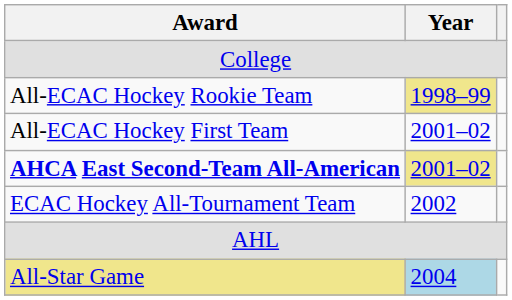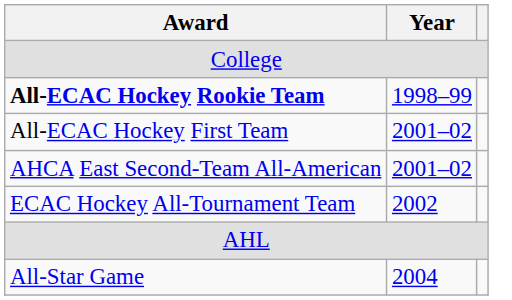 <table class="wikitable">
 <tr>
 <th>Award</th>
 <th>Year</th>
 <th></th>
 </tr>
 <tr ALIGN="center" bgcolor="#e0e0e0">
 <td colspan="3"><a href='#'>College</a></td>
 </tr>
 <tr>
-<td>All-<a href='#'>ECAC Hockey</a> <a href='#'>Rookie Team</a></td>
-<td style="background: khaki;"><a href='#'>1998–99</a></td>
+<td><strong>All-<a href='#'>ECAC Hockey</a> <a href='#'>Rookie Team</a></strong></td>
+<td><a href='#'>1998–99</a></td>
 <td></td>
 </tr>
 <tr>
 <td>All-<a href='#'>ECAC Hockey</a> <a href='#'>First Team</a></td>
 <td><a href='#'>2001–02</a></td>
 <td></td>
 </tr>
 <tr>
-<td><strong><a href='#'>AHCA</a> <a href='#'>East Second-Team All-American</a></strong></td>
-<td style="background: khaki;"><a href='#'>2001–02</a></td>
+<td><a href='#'>AHCA</a> <a href='#'>East Second-Team All-American</a></td>
+<td><a href='#'>2001–02</a></td>
 <td></td>
 </tr>
 <tr>
 <td><a href='#'>ECAC Hockey</a> <a href='#'>All-Tournament Team</a></td>
 <td><a href='#'>2002</a></td>
 <td></td>
 </tr>
 <tr ALIGN="center" bgcolor="#e0e0e0">
 <td colspan="3"><a href='#'>AHL</a></td>
 </tr>
 <tr>
-<td style="background: khaki;"><a href='#'>All-Star Game</a></td>
-<td style="background: lightblue;"><a href='#'>2004</a></td>
+<td><a href='#'>All-Star Game</a></td>
+<td><a href='#'>2004</a></td>
 <td></td>
 </tr>
 </table>
